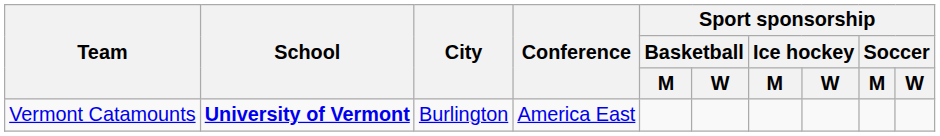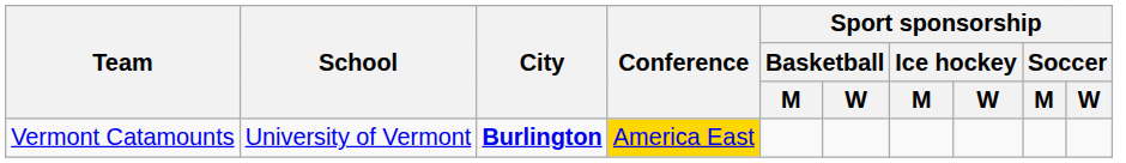 <table class="sortable wikitable">
 <tr>
 <th rowspan=3>Team</th>
 <th rowspan=3>School</th>
 <th rowspan=3>City</th>
 <th rowspan=3>Conference</th>
 <th colspan=6>Sport sponsorship</th>
 </tr>
 <tr>
 <th colspan=2>Basketball</th>
 <th colspan=2>Ice hockey</th>
 <th colspan=2>Soccer</th>
 </tr>
 <tr>
 <th>M</th>
 <th>W</th>
 <th>M</th>
 <th>W</th>
 <th>M</th>
 <th>W</th>
 </tr>
 <tr>
 <td><a href='#'>Vermont Catamounts</a></td>
-<td><strong><a href='#'>University of Vermont</a></strong></td>
-<td><a href='#'>Burlington</a></td>
-<td><a href='#'>America East</a></td>
+<td><a href='#'>University of Vermont</a></td>
+<td><strong><a href='#'>Burlington</a></strong></td>
+<td style="background: gold;"><a href='#'>America East</a></td>
 <td></td>
 <td></td>
 <td> </td>
 <td> </td>
 <td></td>
 <td></td>
 </tr>
 </table>
